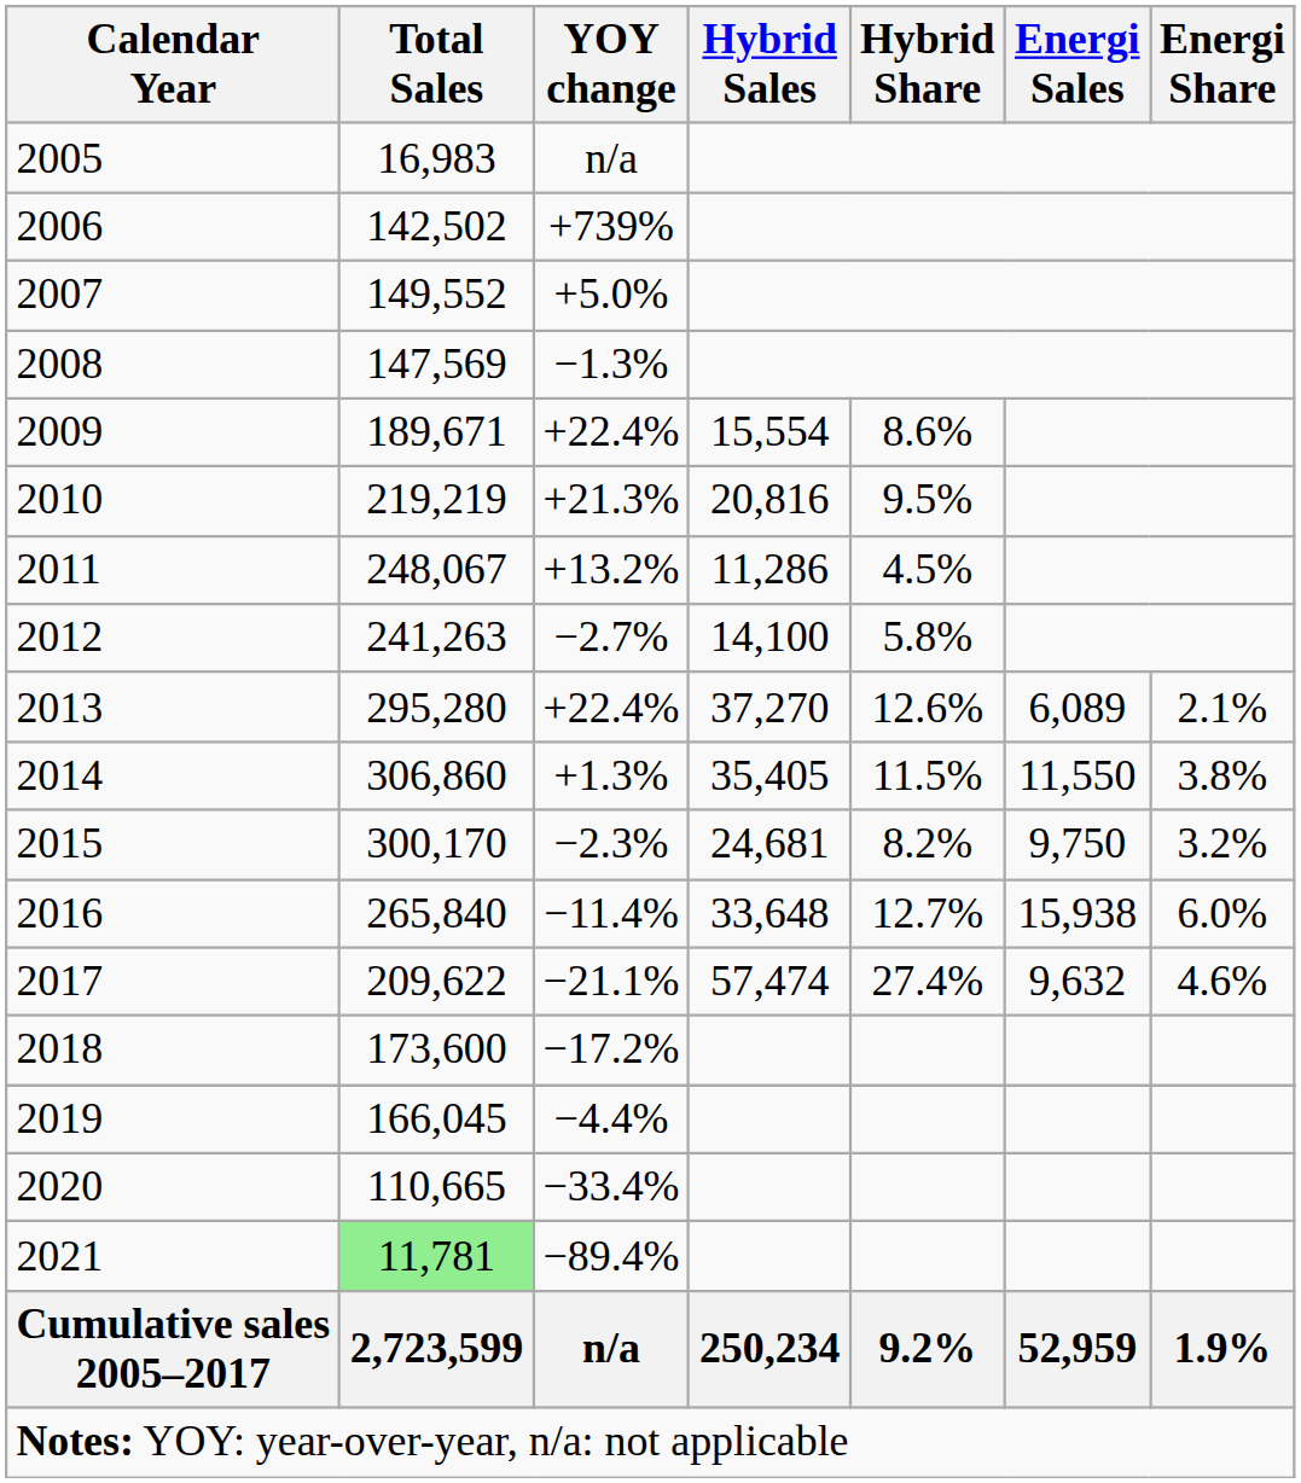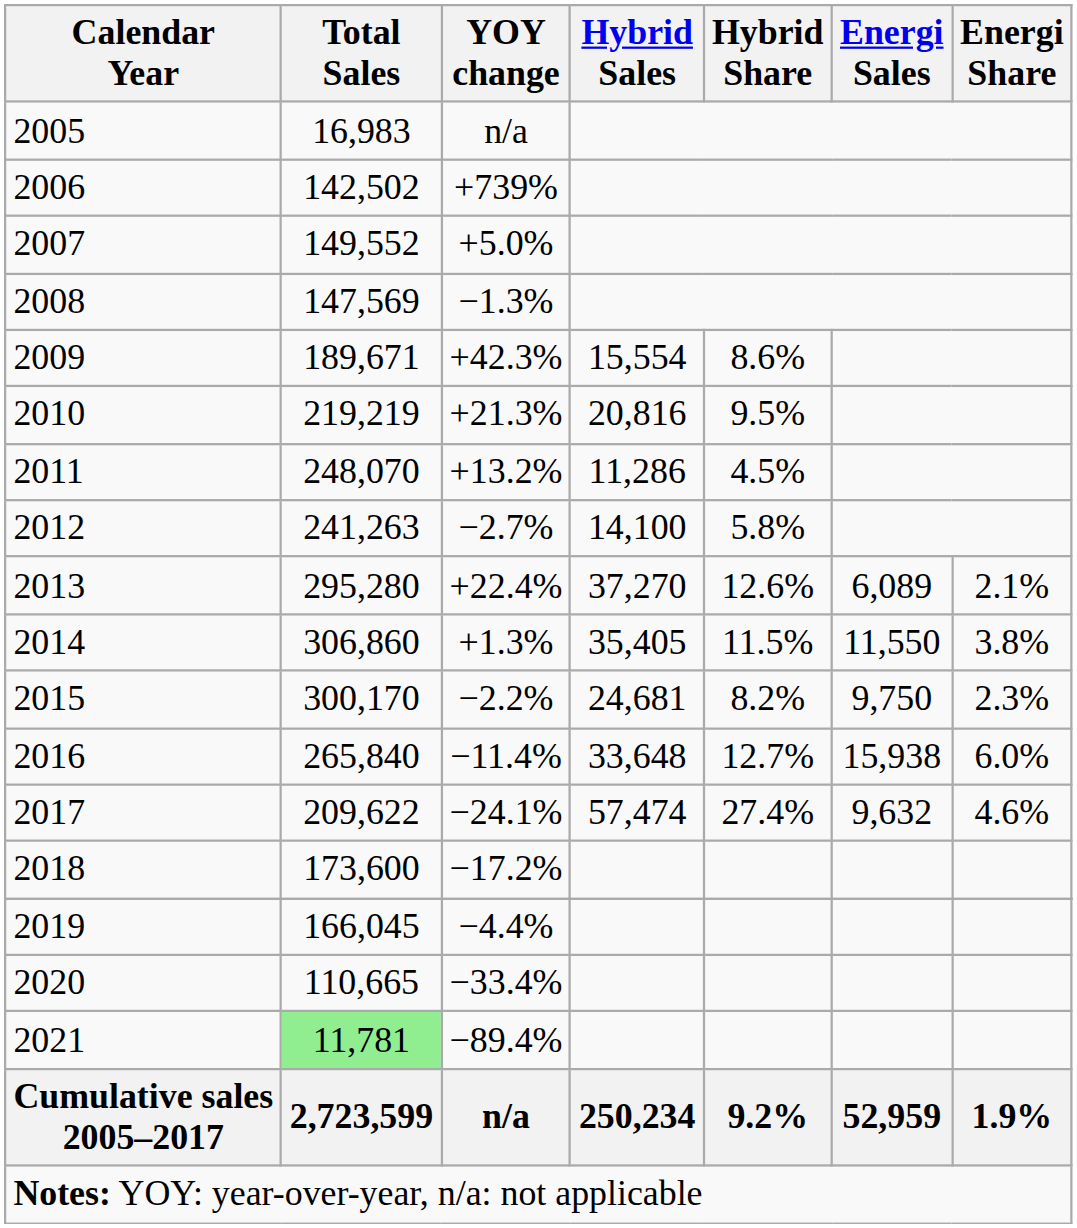 <table class="wikitable">
 <tr>
 <th>Calendar<br> Year</th>
 <th>Total<br> Sales</th>
 <th>YOY<br> change</th>
 <th><a href='#'>Hybrid</a><br> Sales</th>
 <th>Hybrid<br> Share</th>
 <th><a href='#'>Energi</a><br> Sales</th>
 <th>Energi<br> Share</th>
 </tr>
 <tr align=center>
 <td align=left>2005</td>
 <td>16,983</td>
 <td>n/a</td>
 <td colspan="4"></td>
 </tr>
 <tr align=center>
 <td align=left>2006</td>
 <td>142,502</td>
 <td>+739%</td>
 <td colspan="4"></td>
 </tr>
 <tr align=center>
 <td align=left>2007</td>
 <td>149,552</td>
 <td>+5.0%</td>
 <td colspan="4"></td>
 </tr>
 <tr align=center>
 <td align=left>2008</td>
 <td>147,569</td>
 <td>−1.3%</td>
 <td colspan="4"></td>
 </tr>
 <tr align=center>
 <td align=left>2009</td>
 <td>189,671</td>
-<td>+22.4%</td>
+<td>+42.3%</td>
 <td>15,554</td>
 <td>8.6%</td>
 <td colspan="2"></td>
 </tr>
 <tr align=center>
 <td align=left>2010</td>
 <td>219,219</td>
 <td>+21.3%</td>
 <td>20,816</td>
 <td>9.5%</td>
 <td colspan="2"></td>
 </tr>
 <tr align=center>
 <td align=left>2011</td>
-<td>248,067</td>
+<td>248,070</td>
 <td>+13.2%</td>
 <td>11,286</td>
 <td>4.5%</td>
 <td colspan="2"></td>
 </tr>
 <tr align=center>
 <td align=left>2012</td>
 <td>241,263</td>
 <td>−2.7%</td>
 <td>14,100</td>
 <td>5.8%</td>
 <td colspan="2"></td>
 </tr>
 <tr align=center>
 <td align=left>2013</td>
 <td>295,280</td>
 <td>+22.4%</td>
 <td>37,270</td>
 <td>12.6%</td>
 <td>6,089</td>
 <td>2.1%</td>
 </tr>
 <tr align=center>
 <td align=left>2014</td>
 <td>306,860</td>
 <td>+1.3%</td>
 <td>35,405</td>
 <td>11.5%</td>
 <td>11,550</td>
 <td>3.8%</td>
 </tr>
 <tr align=center>
 <td align=left>2015</td>
 <td>300,170</td>
-<td>−2.3%</td>
+<td>−2.2%</td>
 <td>24,681</td>
 <td>8.2%</td>
 <td>9,750</td>
-<td>3.2%</td>
+<td>2.3%</td>
 </tr>
 <tr align=center>
 <td align=left>2016</td>
 <td>265,840</td>
 <td>−11.4%</td>
 <td>33,648</td>
 <td>12.7%</td>
 <td>15,938</td>
 <td>6.0%</td>
 </tr>
 <tr align=center>
 <td align=left>2017</td>
 <td>209,622</td>
-<td>−21.1%</td>
+<td>−24.1%</td>
 <td>57,474</td>
 <td>27.4%</td>
 <td>9,632</td>
 <td>4.6%</td>
 </tr>
 <tr align=center>
 <td align=left>2018</td>
 <td>173,600</td>
 <td>−17.2%</td>
 <td></td>
 <td></td>
 <td></td>
 <td></td>
 </tr>
 <tr>
 </tr>
 <tr align=center>
 <td align=left>2019</td>
 <td>166,045</td>
 <td>−4.4%</td>
 <td></td>
 <td></td>
 <td></td>
 <td></td>
 </tr>
 <tr align=center>
 <td align=left>2020</td>
 <td>110,665</td>
 <td>−33.4%</td>
 <td></td>
 <td></td>
 <td></td>
 <td></td>
 </tr>
 <tr align=center>
 <td align=left>2021</td>
 <td style="background: lightgreen;">11,781</td>
 <td>−89.4%</td>
 <td></td>
 <td></td>
 <td></td>
 <td></td>
 </tr>
 <tr>
 <th align=center>Cumulative sales<br>2005–2017</th>
 <th>2,723,599</th>
 <th>n/a</th>
 <th>250,234</th>
 <th>9.2%</th>
 <th>52,959</th>
 <th>1.9%</th>
 </tr>
 <tr align=left>
 <td colspan="7" style="text-align:left;"><strong>Notes:</strong> YOY: year-over-year, n/a: not applicable</td>
 </tr>
 </table>
